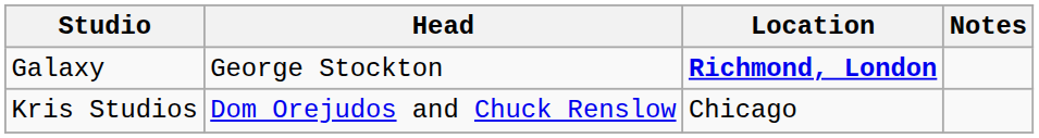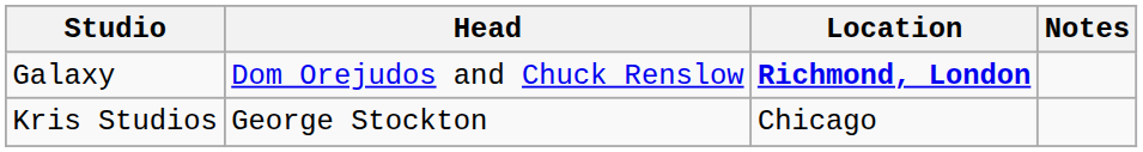 <table class="wikitable">
 <tr>
 <th>Studio</th>
 <th>Head</th>
 <th>Location</th>
 <th>Notes</th>
 </tr>
 <tr>
 <td>Galaxy</td>
-<td>George Stockton</td>
+<td><a href='#'>Dom Orejudos</a> and <a href='#'>Chuck Renslow</a></td>
 <td><strong><a href='#'>Richmond, London</a></strong></td>
 <td></td>
 </tr>
 <tr>
 <td>Kris Studios</td>
-<td><a href='#'>Dom Orejudos</a> and <a href='#'>Chuck Renslow</a></td>
+<td>George Stockton</td>
 <td>Chicago</td>
 </tr>
 </table>
